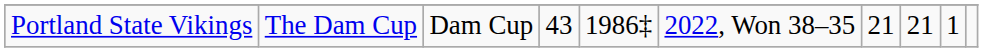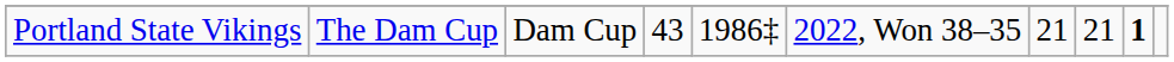 <table class="wikitable" style="text-align:center;">
 <tr>
 </tr>
 <tr>
 <td><a href='#'>Portland State Vikings</a></td>
 <td><a href='#'>The Dam Cup</a></td>
 <td>Dam Cup</td>
 <td>43</td>
 <td align=center>1986‡</td>
 <td><a href='#'>2022</a>, Won 38–35</td>
 <td>21</td>
 <td>21</td>
-<td>1</td>
+<td><strong>1</strong></td>
 <td></td>
 </tr>
 </table>
